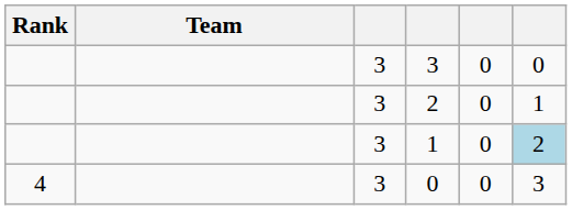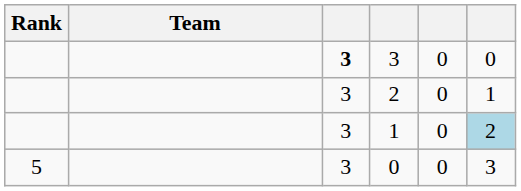 <table class="wikitable" style="text-align:center; font-size:90%;">
 <tr>
 <th width=35>Rank</th>
 <th width=160>Team</th>
 <th width=25></th>
 <th width=25></th>
 <th width=25></th>
 <th width=25></th>
 </tr>
 <tr>
 <td></td>
 <td align=left></td>
-<td>3</td>
+<td><strong>3</strong></td>
 <td>3</td>
 <td>0</td>
 <td>0</td>
 </tr>
 <tr>
 <td></td>
 <td align=left></td>
 <td>3</td>
 <td>2</td>
 <td>0</td>
 <td>1</td>
 </tr>
 <tr>
 <td></td>
 <td align=left></td>
 <td>3</td>
 <td>1</td>
 <td>0</td>
 <td style="background: lightblue;">2</td>
 </tr>
 <tr>
-<td>4</td>
+<td>5</td>
 <td align=left></td>
 <td>3</td>
 <td>0</td>
 <td>0</td>
 <td>3</td>
 </tr>
 </table>
